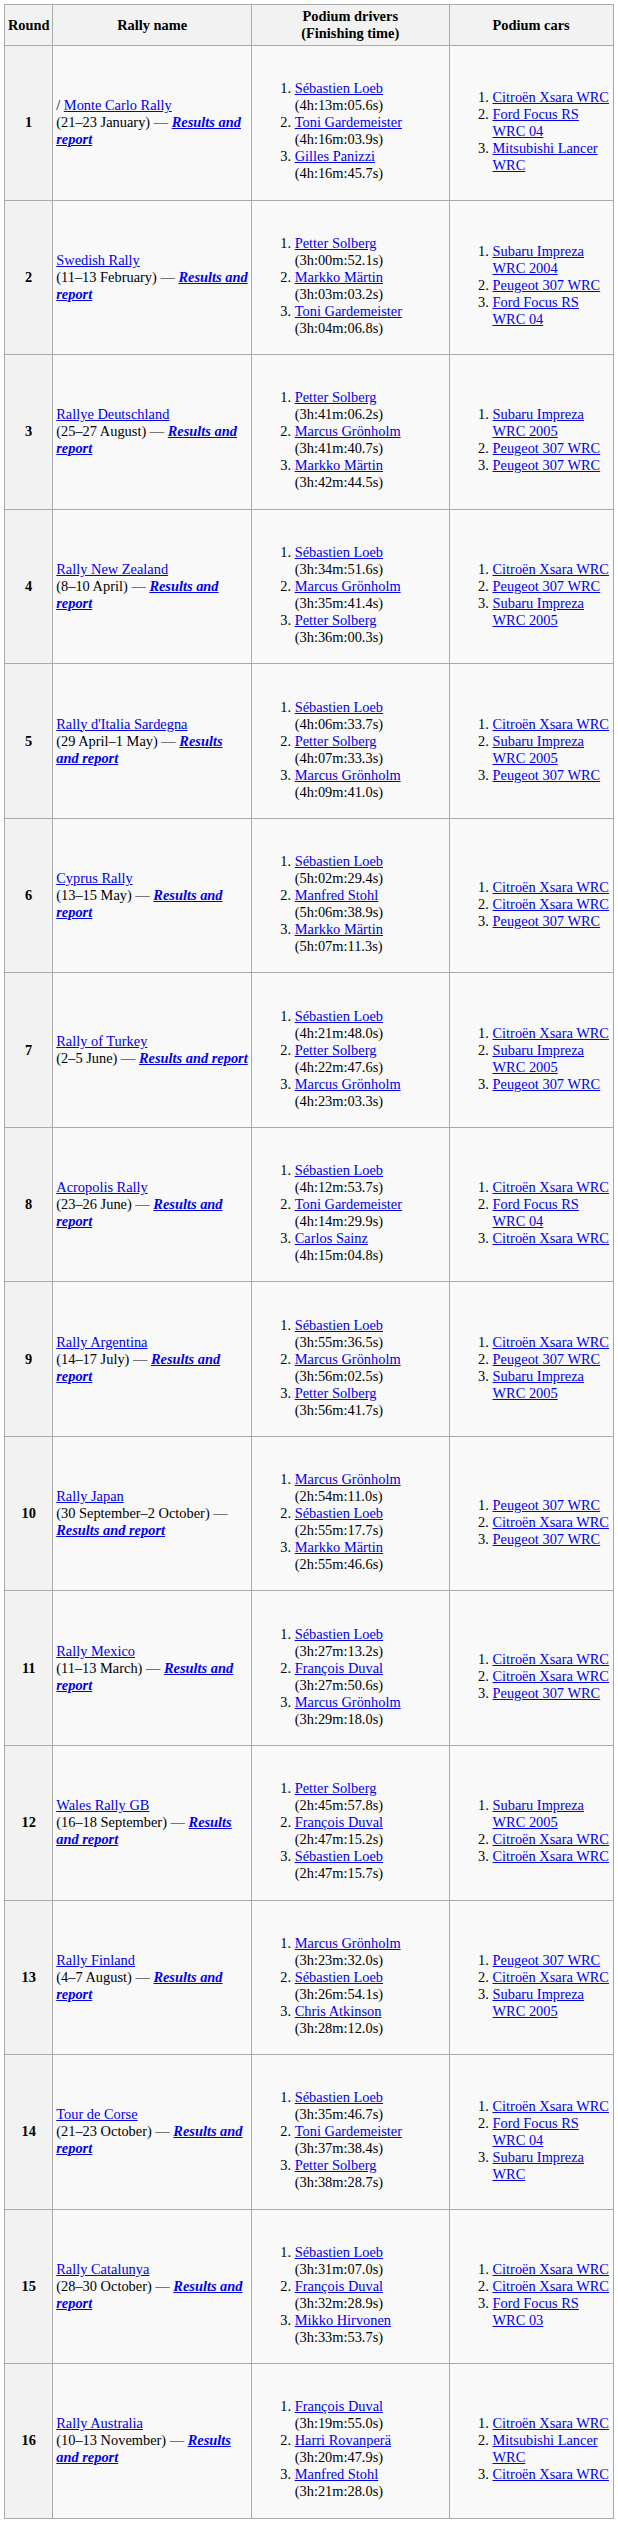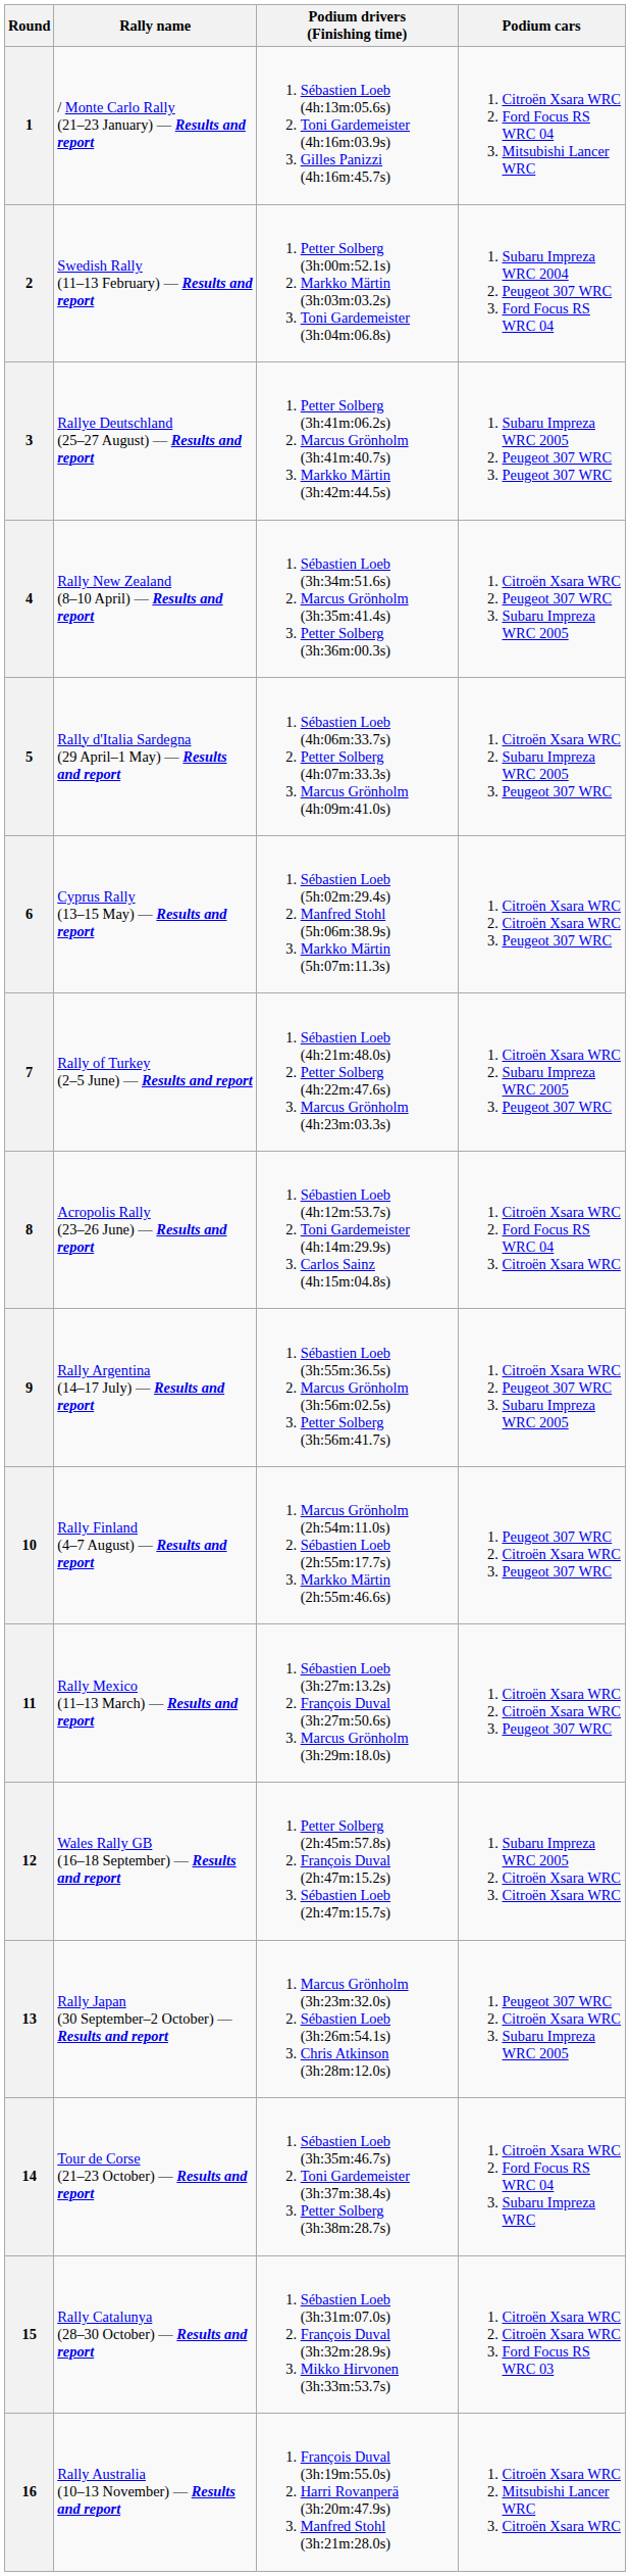 <table class="wikitable" style="font-size:90%;">
 <tr style="background:#efefef;">
 <th>Round</th>
 <th>Rally name</th>
 <th>Podium drivers <br>(Finishing time)</th>
 <th>Podium cars</th>
 </tr>
 <tr>
 <th>1</th>
 <td>/ <a href='#'>Monte Carlo Rally</a><br>(21–23 January) — <strong><em><a href='#'>Results and report</a></em></strong></td>
 <td><br><ol><li> <a href='#'>Sébastien Loeb</a> (4h:13m:05.6s)</li><li> <a href='#'>Toni Gardemeister</a> (4h:16m:03.9s)</li><li> <a href='#'>Gilles Panizzi</a> (4h:16m:45.7s)</li></ol></td>
 <td><br><ol><li><a href='#'>Citroën Xsara WRC</a></li><li><a href='#'>Ford Focus RS WRC 04</a></li><li><a href='#'>Mitsubishi Lancer WRC</a></li></ol></td>
 </tr>
 <tr>
 <th>2</th>
 <td> <a href='#'>Swedish Rally</a><br>(11–13 February) — <strong><em><a href='#'>Results and report</a></em></strong></td>
 <td><br><ol><li> <a href='#'>Petter Solberg</a> (3h:00m:52.1s)</li><li> <a href='#'>Markko Märtin</a> (3h:03m:03.2s)</li><li> <a href='#'>Toni Gardemeister</a> (3h:04m:06.8s)</li></ol></td>
 <td><br><ol><li><a href='#'>Subaru Impreza WRC 2004</a></li><li><a href='#'>Peugeot 307 WRC</a></li><li><a href='#'>Ford Focus RS WRC 04</a></li></ol></td>
 </tr>
 <tr>
 <th>3</th>
 <td> <a href='#'>Rallye Deutschland</a><br>(25–27 August) — <strong><em><a href='#'>Results and report</a></em></strong></td>
 <td><br><ol><li> <a href='#'>Petter Solberg</a> (3h:41m:06.2s)</li><li> <a href='#'>Marcus Grönholm</a> (3h:41m:40.7s)</li><li> <a href='#'>Markko Märtin</a> (3h:42m:44.5s)</li></ol></td>
 <td><br><ol><li><a href='#'>Subaru Impreza WRC 2005</a></li><li><a href='#'>Peugeot 307 WRC</a></li><li><a href='#'>Peugeot 307 WRC</a></li></ol></td>
 </tr>
 <tr>
 <th>4</th>
 <td> <a href='#'>Rally New Zealand</a><br>(8–10 April) — <strong><em><a href='#'>Results and report</a></em></strong></td>
 <td><br><ol><li> <a href='#'>Sébastien Loeb</a> (3h:34m:51.6s)</li><li> <a href='#'>Marcus Grönholm</a> (3h:35m:41.4s)</li><li> <a href='#'>Petter Solberg</a> (3h:36m:00.3s)</li></ol></td>
 <td><br><ol><li><a href='#'>Citroën Xsara WRC</a></li><li><a href='#'>Peugeot 307 WRC</a></li><li><a href='#'>Subaru Impreza WRC 2005</a></li></ol></td>
 </tr>
 <tr>
 <th>5</th>
 <td> <a href='#'>Rally d'Italia Sardegna</a><br>(29 April–1 May) — <strong><em><a href='#'>Results and report</a></em></strong></td>
 <td><br><ol><li> <a href='#'>Sébastien Loeb</a> (4h:06m:33.7s)</li><li> <a href='#'>Petter Solberg</a> (4h:07m:33.3s)</li><li> <a href='#'>Marcus Grönholm</a> (4h:09m:41.0s)</li></ol></td>
 <td><br><ol><li><a href='#'>Citroën Xsara WRC</a></li><li><a href='#'>Subaru Impreza WRC 2005</a></li><li><a href='#'>Peugeot 307 WRC</a></li></ol></td>
 </tr>
 <tr>
 <th>6</th>
 <td> <a href='#'>Cyprus Rally</a><br>(13–15 May) — <strong><em><a href='#'>Results and report</a></em></strong></td>
 <td><br><ol><li> <a href='#'>Sébastien Loeb</a> (5h:02m:29.4s)</li><li> <a href='#'>Manfred Stohl</a> (5h:06m:38.9s)</li><li> <a href='#'>Markko Märtin</a> (5h:07m:11.3s)</li></ol></td>
 <td><br><ol><li><a href='#'>Citroën Xsara WRC</a></li><li><a href='#'>Citroën Xsara WRC</a></li><li><a href='#'>Peugeot 307 WRC</a></li></ol></td>
 </tr>
 <tr>
 <th>7</th>
 <td> <a href='#'>Rally of Turkey</a><br>(2–5 June) — <strong><em><a href='#'>Results and report</a></em></strong></td>
 <td><br><ol><li> <a href='#'>Sébastien Loeb</a> (4h:21m:48.0s)</li><li> <a href='#'>Petter Solberg</a> (4h:22m:47.6s)</li><li> <a href='#'>Marcus Grönholm</a> (4h:23m:03.3s)</li></ol></td>
 <td><br><ol><li><a href='#'>Citroën Xsara WRC</a></li><li><a href='#'>Subaru Impreza WRC 2005</a></li><li><a href='#'>Peugeot 307 WRC</a></li></ol></td>
 </tr>
 <tr>
 <th>8</th>
 <td> <a href='#'>Acropolis Rally</a><br>(23–26 June) — <strong><em><a href='#'>Results and report</a></em></strong></td>
 <td><br><ol><li> <a href='#'>Sébastien Loeb</a> (4h:12m:53.7s)</li><li> <a href='#'>Toni Gardemeister</a> (4h:14m:29.9s)</li><li> <a href='#'>Carlos Sainz</a> (4h:15m:04.8s)</li></ol></td>
 <td><br><ol><li><a href='#'>Citroën Xsara WRC</a></li><li><a href='#'>Ford Focus RS WRC 04</a></li><li><a href='#'>Citroën Xsara WRC</a></li></ol></td>
 </tr>
 <tr>
 <th>9</th>
 <td> <a href='#'>Rally Argentina</a><br>(14–17 July) — <strong><em><a href='#'>Results and report</a></em></strong></td>
 <td><br><ol><li> <a href='#'>Sébastien Loeb</a> (3h:55m:36.5s)</li><li> <a href='#'>Marcus Grönholm</a> (3h:56m:02.5s)</li><li> <a href='#'>Petter Solberg</a> (3h:56m:41.7s)</li></ol></td>
 <td><br><ol><li><a href='#'>Citroën Xsara WRC</a></li><li><a href='#'>Peugeot 307 WRC</a></li><li><a href='#'>Subaru Impreza WRC 2005</a></li></ol></td>
 </tr>
 <tr>
 <th>10</th>
-<td> <a href='#'>Rally Japan</a><br>(30 September–2 October) — <strong><em><a href='#'>Results and report</a></em></strong></td>
+<td> <a href='#'>Rally Finland</a><br>(4–7 August) — <strong><em><a href='#'>Results and report</a></em></strong></td>
 <td><br><ol><li> <a href='#'>Marcus Grönholm</a> (2h:54m:11.0s)</li><li> <a href='#'>Sébastien Loeb</a> (2h:55m:17.7s)</li><li> <a href='#'>Markko Märtin</a> (2h:55m:46.6s)</li></ol></td>
 <td><br><ol><li><a href='#'>Peugeot 307 WRC</a></li><li><a href='#'>Citroën Xsara WRC</a></li><li><a href='#'>Peugeot 307 WRC</a></li></ol></td>
 </tr>
 <tr>
 <th>11</th>
 <td> <a href='#'>Rally Mexico</a><br>(11–13 March) — <strong><em><a href='#'>Results and report</a></em></strong></td>
 <td><br><ol><li> <a href='#'>Sébastien Loeb</a> (3h:27m:13.2s)</li><li> <a href='#'>François Duval</a> (3h:27m:50.6s)</li><li> <a href='#'>Marcus Grönholm</a> (3h:29m:18.0s)</li></ol></td>
 <td><br><ol><li><a href='#'>Citroën Xsara WRC</a></li><li><a href='#'>Citroën Xsara WRC</a></li><li><a href='#'>Peugeot 307 WRC</a></li></ol></td>
 </tr>
 <tr>
 <th>12</th>
 <td> <a href='#'>Wales Rally GB</a><br>(16–18 September) — <strong><em><a href='#'>Results and report</a></em></strong></td>
 <td><br><ol><li> <a href='#'>Petter Solberg</a> (2h:45m:57.8s)</li><li> <a href='#'>François Duval</a> (2h:47m:15.2s)</li><li> <a href='#'>Sébastien Loeb</a> (2h:47m:15.7s)</li></ol></td>
 <td><br><ol><li><a href='#'>Subaru Impreza WRC 2005</a></li><li><a href='#'>Citroën Xsara WRC</a></li><li><a href='#'>Citroën Xsara WRC</a></li></ol></td>
 </tr>
 <tr>
 <th>13</th>
-<td> <a href='#'>Rally Finland</a><br>(4–7 August) — <strong><em><a href='#'>Results and report</a></em></strong></td>
+<td> <a href='#'>Rally Japan</a><br>(30 September–2 October) — <strong><em><a href='#'>Results and report</a></em></strong></td>
 <td><br><ol><li> <a href='#'>Marcus Grönholm</a> (3h:23m:32.0s)</li><li> <a href='#'>Sébastien Loeb</a> (3h:26m:54.1s)</li><li> <a href='#'>Chris Atkinson</a> (3h:28m:12.0s)</li></ol></td>
 <td><br><ol><li><a href='#'>Peugeot 307 WRC</a></li><li><a href='#'>Citroën Xsara WRC</a></li><li><a href='#'>Subaru Impreza WRC 2005</a></li></ol></td>
 </tr>
 <tr>
 <th>14</th>
 <td> <a href='#'>Tour de Corse</a><br>(21–23 October) — <strong><em><a href='#'>Results and report</a></em></strong></td>
 <td><br><ol><li> <a href='#'>Sébastien Loeb</a> (3h:35m:46.7s)</li><li> <a href='#'>Toni Gardemeister</a> (3h:37m:38.4s)</li><li> <a href='#'>Petter Solberg</a> (3h:38m:28.7s)</li></ol></td>
 <td><br><ol><li><a href='#'>Citroën Xsara WRC</a></li><li><a href='#'>Ford Focus RS WRC 04</a></li><li><a href='#'>Subaru Impreza WRC</a></li></ol></td>
 </tr>
 <tr>
 <th>15</th>
 <td> <a href='#'>Rally Catalunya</a><br>(28–30 October) — <strong><em><a href='#'>Results and report</a></em></strong></td>
 <td><br><ol><li> <a href='#'>Sébastien Loeb</a> (3h:31m:07.0s)</li><li> <a href='#'>François Duval</a> (3h:32m:28.9s)</li><li> <a href='#'>Mikko Hirvonen</a> (3h:33m:53.7s)</li></ol></td>
 <td><br><ol><li><a href='#'>Citroën Xsara WRC</a></li><li><a href='#'>Citroën Xsara WRC</a></li><li><a href='#'>Ford Focus RS WRC 03</a></li></ol></td>
 </tr>
 <tr>
 <th>16</th>
 <td> <a href='#'>Rally Australia</a><br>(10–13 November) — <strong><em><a href='#'>Results and report</a></em></strong></td>
 <td><br><ol><li> <a href='#'>François Duval</a> (3h:19m:55.0s)</li><li> <a href='#'>Harri Rovanperä</a> (3h:20m:47.9s)</li><li> <a href='#'>Manfred Stohl</a> (3h:21m:28.0s)</li></ol></td>
 <td><br><ol><li><a href='#'>Citroën Xsara WRC</a></li><li><a href='#'>Mitsubishi Lancer WRC</a></li><li><a href='#'>Citroën Xsara WRC</a></li></ol></td>
 </tr>
 </table>
